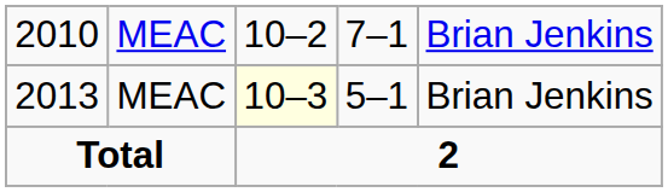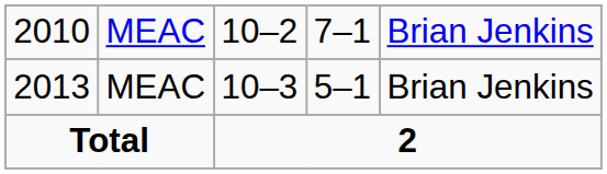 <table class="wikitable" style="text-align:center">
 <tr align="center">
 <td>2010</td>
 <td><a href='#'>MEAC</a></td>
 <td>10–2</td>
 <td>7–1</td>
 <td><a href='#'>Brian Jenkins</a></td>
 </tr>
 <tr align="center">
 <td>2013</td>
 <td>MEAC</td>
-<td style="background: lightyellow;">10–3</td>
+<td>10–3</td>
 <td>5–1</td>
 <td>Brian Jenkins</td>
 </tr>
 <tr align="center">
 <td colspan=2><strong>Total</strong></td>
 <td colspan=3><strong>2</strong></td>
 </tr>
 </table>
